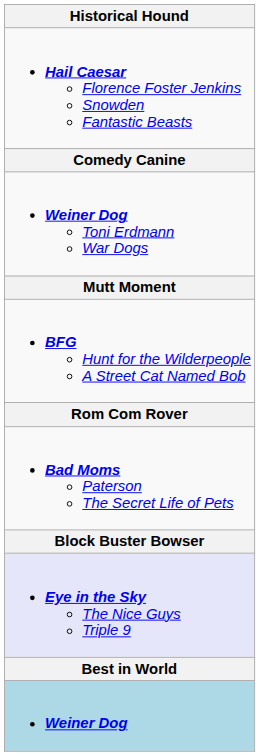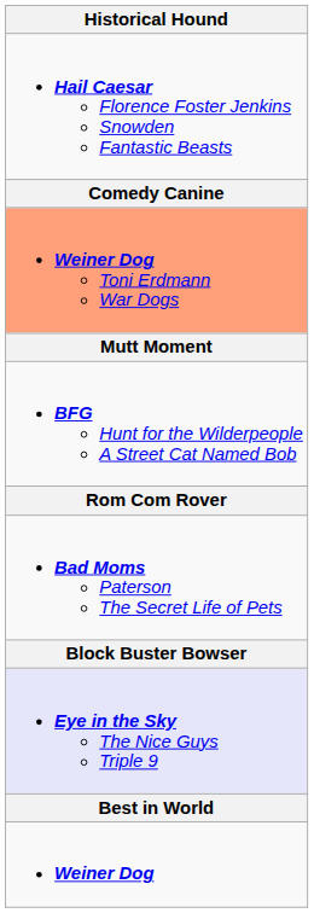 <table class="wikitable">
 <tr>
 <th><strong>Historical Hound</strong></th>
 </tr>
 <tr>
 <td><br><ul><li><strong><a href='#'><em>Hail Caesar</em></a></strong><ul><li><a href='#'><em>Florence Foster Jenkins</em></a></li><li><a href='#'><em>Snowden</em></a></li><li><a href='#'><em>Fantastic Beasts</em></a></li></ul></li></ul></td>
 </tr>
 <tr>
 <th>Comedy Canine</th>
 </tr>
 <tr>
-<td><br><ul><li><strong><a href='#'><em>Weiner Dog</em></a></strong><ul><li><em><a href='#'>Toni Erdmann</a></em></li><li><a href='#'><em>War Dogs</em></a></li></ul></li></ul></td>
+<td style="background: lightsalmon;"><br><ul><li><strong><a href='#'><em>Weiner Dog</em></a></strong><ul><li><em><a href='#'>Toni Erdmann</a></em></li><li><a href='#'><em>War Dogs</em></a></li></ul></li></ul></td>
 </tr>
 <tr>
 <th>Mutt Moment</th>
 </tr>
 <tr>
 <td><br><ul><li><strong><a href='#'><em>BFG</em></a></strong><ul><li><em><a href='#'>Hunt for the Wilderpeople</a></em></li><li><a href='#'><em>A Street Cat Named Bob</em></a></li></ul></li></ul></td>
 </tr>
 <tr>
 <th>Rom Com Rover</th>
 </tr>
 <tr>
 <td><br><ul><li><strong><em><a href='#'>Bad Moms</a></em></strong><ul><li><a href='#'><em>Paterson</em></a></li><li><em><a href='#'>The Secret Life of Pets</a></em></li></ul></li></ul></td>
 </tr>
 <tr>
 <th>Block Buster Bowser</th>
 </tr>
 <tr>
 <td style="background: lavender;"><br><ul><li><strong><a href='#'><em>Eye in the Sky</em></a></strong><ul><li><em><a href='#'>The Nice Guys</a></em></li><li><em><a href='#'>Triple 9</a></em></li></ul></li></ul></td>
 </tr>
 <tr>
 <th>Best in World</th>
 </tr>
 <tr>
-<td style="background: lightblue;"><br><ul><li><strong><a href='#'><em>Weiner Dog</em></a></strong></li></ul></td>
+<td><br><ul><li><strong><a href='#'><em>Weiner Dog</em></a></strong></li></ul></td>
 </tr>
 </table>
